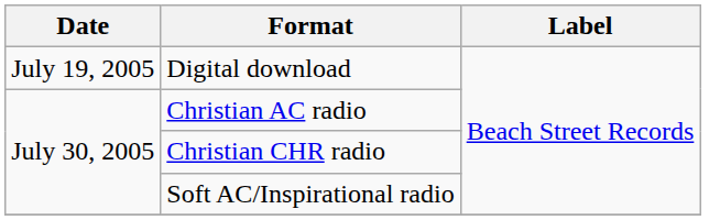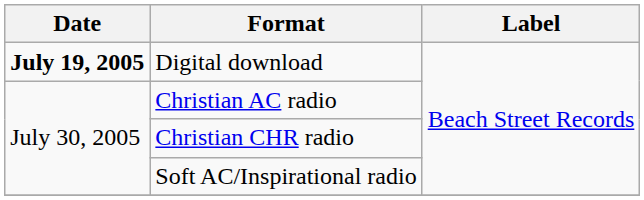 <table class="wikitable sortable plainrowheaders">
 <tr>
 <th scope="col">Date</th>
 <th scope="col">Format</th>
 <th scope="col">Label</th>
 </tr>
 <tr>
-<td>July 19, 2005</td>
+<td><strong>July 19, 2005</strong></td>
 <td>Digital download</td>
 <td rowspan="4"><a href='#'>Beach Street Records</a></td>
 </tr>
 <tr>
 <td rowspan="3">July 30, 2005</td>
 <td><a href='#'>Christian AC</a> radio</td>
 </tr>
 <tr>
 <td><a href='#'>Christian CHR</a> radio</td>
 </tr>
 <tr>
 <td>Soft AC/Inspirational radio</td>
 </tr>
 <tr>
 </tr>
 </table>
